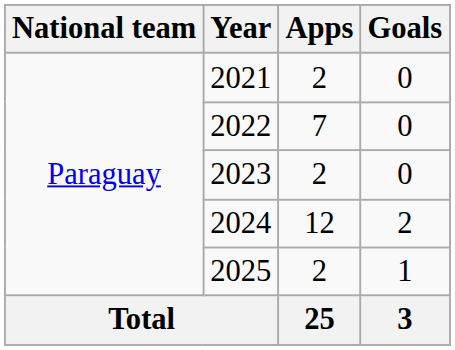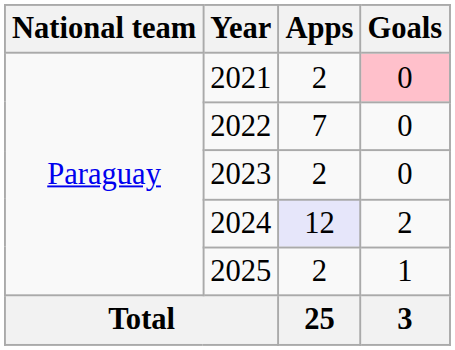 <table class="wikitable" style="text-align:center">
 <tr>
 <th>National team</th>
 <th>Year</th>
 <th>Apps</th>
 <th>Goals</th>
 </tr>
 <tr>
 <td rowspan="5"><a href='#'>Paraguay</a></td>
 <td>2021</td>
 <td>2</td>
-<td>0</td>
+<td style="background: pink;">0</td>
 </tr>
 <tr>
 <td>2022</td>
 <td>7</td>
 <td>0</td>
 </tr>
 <tr>
 <td>2023</td>
 <td>2</td>
 <td>0</td>
 </tr>
 <tr>
 <td>2024</td>
-<td>12</td>
+<td style="background: lavender;">12</td>
 <td>2</td>
 </tr>
 <tr>
 <td>2025</td>
 <td>2</td>
 <td>1</td>
 </tr>
 <tr>
 <th colspan="2">Total</th>
 <th>25</th>
 <th>3</th>
 </tr>
 </table>
